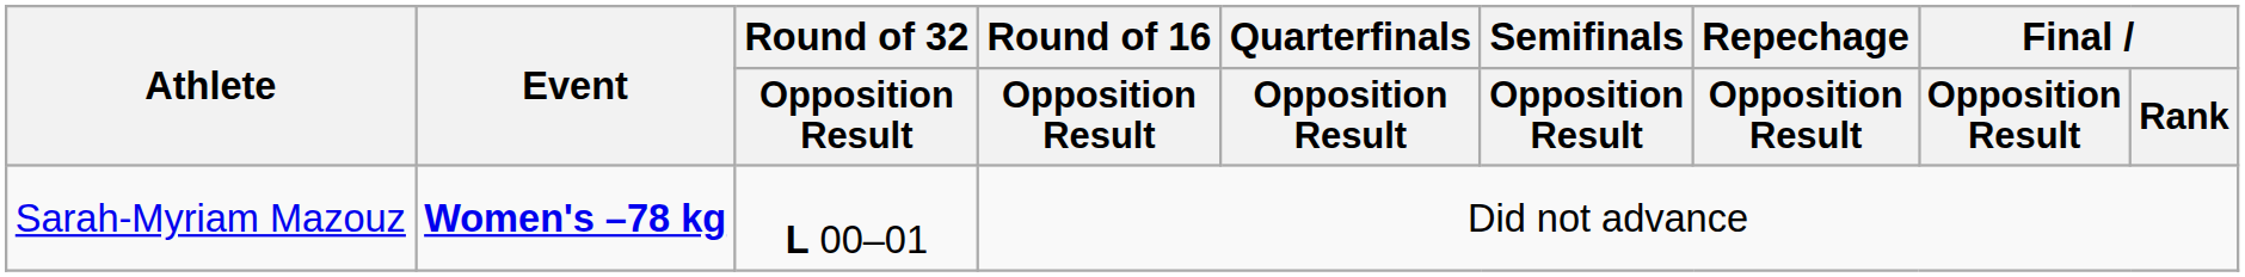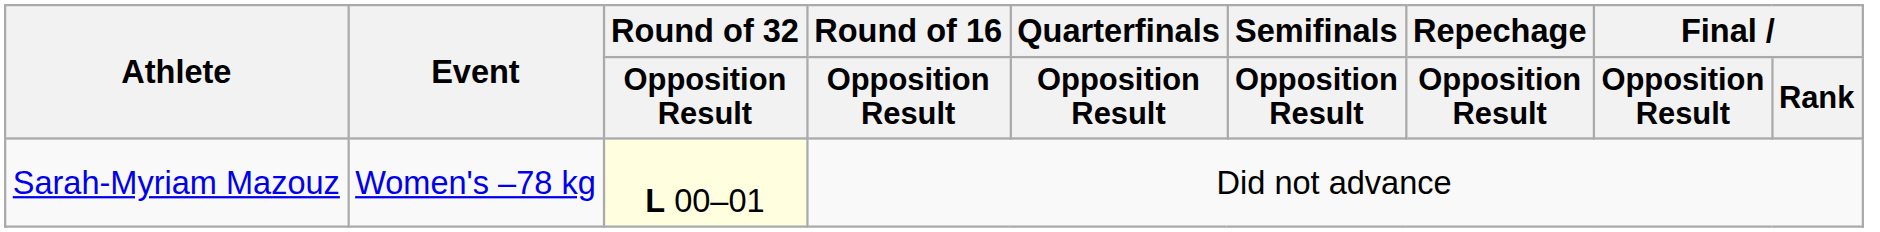 <table class="wikitable" style="font-size:90%">
 <tr>
 <th rowspan="2">Athlete</th>
 <th rowspan="2">Event</th>
 <th>Round of 32</th>
 <th>Round of 16</th>
 <th>Quarterfinals</th>
 <th>Semifinals</th>
 <th>Repechage</th>
 <th colspan=2>Final / </th>
 </tr>
 <tr style="font-size:95%">
 <th>Opposition<br>Result</th>
 <th>Opposition<br>Result</th>
 <th>Opposition<br>Result</th>
 <th>Opposition<br>Result</th>
 <th>Opposition<br>Result</th>
 <th>Opposition<br>Result</th>
 <th>Rank</th>
 </tr>
 <tr align=center>
 <td align=left><a href='#'>Sarah-Myriam Mazouz</a></td>
-<td align=left><strong><a href='#'>Women's –78 kg</a></strong></td>
-<td><br><strong>L</strong> 00–01</td>
+<td align=left><a href='#'>Women's –78 kg</a></td>
+<td style="background: lightyellow;"><br><strong>L</strong> 00–01</td>
 <td colspan=6>Did not advance</td>
 </tr>
 </table>
